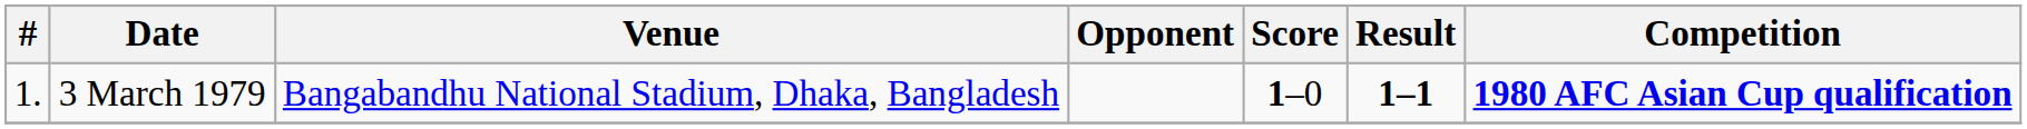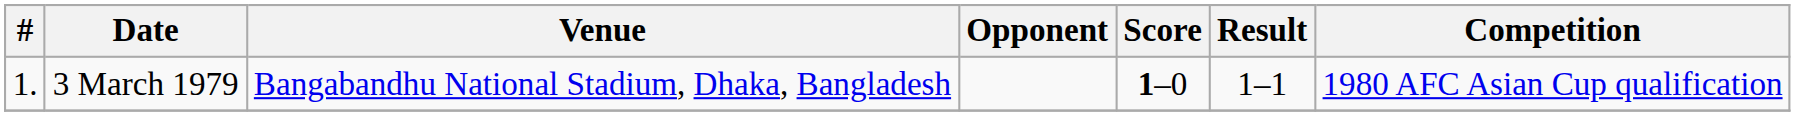 <table class="wikitable">
 <tr>
 <th>#</th>
 <th>Date</th>
 <th>Venue</th>
 <th>Opponent</th>
 <th>Score</th>
 <th>Result</th>
 <th>Competition</th>
 </tr>
 <tr>
 <td>1.</td>
 <td>3 March 1979</td>
 <td><a href='#'>Bangabandhu National Stadium</a>, <a href='#'>Dhaka</a>, <a href='#'>Bangladesh</a></td>
 <td></td>
 <td align=center><strong>1</strong>–0</td>
-<td align=center><strong>1–1</strong></td>
-<td><strong><a href='#'>1980 AFC Asian Cup qualification</a></strong></td>
+<td align=center>1–1</td>
+<td><a href='#'>1980 AFC Asian Cup qualification</a></td>
 </tr>
 <tr>
 </tr>
 </table>
